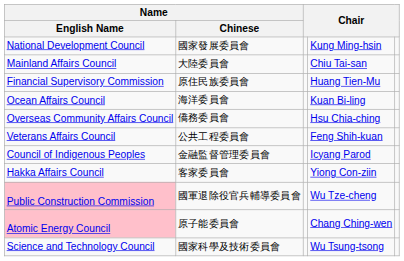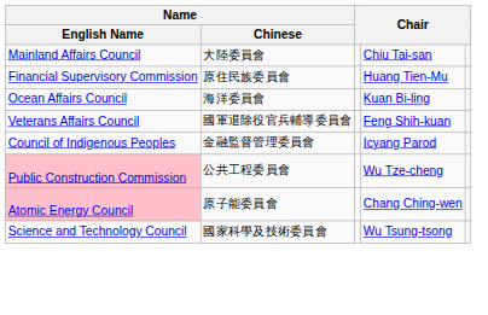 <table class="wikitable sortable">
 <tr>
 <th colspan="2">Name</th>
 <th colspan="3" rowspan="2">Chair</th>
 </tr>
 <tr>
 <th>English Name</th>
 <th>Chinese</th>
-</tr>
-<tr>
-<td><a href='#'>National Development Council</a></td>
-<td>國家發展委員會</td>
-<td style="background:"></td>
-<td><a href='#'>Kung Ming-hsin</a></td>
-<td></td>
 </tr>
 <tr>
 <td><a href='#'>Mainland Affairs Council</a></td>
 <td>大陸委員會</td>
 <td style="background:"></td>
 <td><a href='#'>Chiu Tai-san</a></td>
 <td></td>
 </tr>
 <tr>
 <td><a href='#'>Financial Supervisory Commission</a></td>
 <td>原住民族委員會</td>
 <td style="background:"></td>
 <td><a href='#'>Huang Tien-Mu</a></td>
 <td></td>
 </tr>
 <tr>
 <td><a href='#'>Ocean Affairs Council</a></td>
 <td>海洋委員會</td>
 <td style="background:"></td>
 <td><a href='#'>Kuan Bi-ling</a></td>
 <td></td>
 </tr>
 <tr>
-<td><a href='#'>Overseas Community Affairs Council</a></td>
-<td>僑務委員會</td>
-<td style="background:"></td>
-<td><a href='#'>Hsu Chia-ching</a></td>
-<td></td>
-</tr>
-<tr>
 <td><a href='#'>Veterans Affairs Council</a></td>
-<td>公共工程委員會</td>
+<td>國軍退除役官兵輔導委員會</td>
 <td style="background:"></td>
 <td><a href='#'>Feng Shih-kuan</a></td>
 <td></td>
 </tr>
 <tr>
 <td><a href='#'>Council of Indigenous Peoples</a></td>
 <td>金融監督管理委員會</td>
 <td style="background:"></td>
 <td><a href='#'>Icyang Parod</a></td>
 <td></td>
 </tr>
 <tr>
-<td><a href='#'>Hakka Affairs Council</a></td>
-<td>客家委員會</td>
-<td style="background:"></td>
-<td><a href='#'>Yiong Con-ziin</a></td>
-<td></td>
-</tr>
-<tr>
 <td style="background:pink"><br><a href='#'>Public Construction Commission</a></td>
-<td>國軍退除役官兵輔導委員會</td>
+<td>公共工程委員會</td>
 <td style="background:"></td>
 <td><a href='#'>Wu Tze-cheng</a></td>
 <td></td>
 </tr>
 <tr>
 <td style="background:pink"><br><a href='#'>Atomic Energy Council</a></td>
 <td>原子能委員會</td>
 <td style="background:"></td>
 <td><a href='#'>Chang Ching-wen</a></td>
 <td></td>
 </tr>
 <tr>
 <td><a href='#'>Science and Technology Council</a></td>
 <td>國家科學及技術委員會</td>
 <td style="background:"></td>
 <td><a href='#'>Wu Tsung-tsong</a></td>
 <td></td>
 </tr>
 </table>
